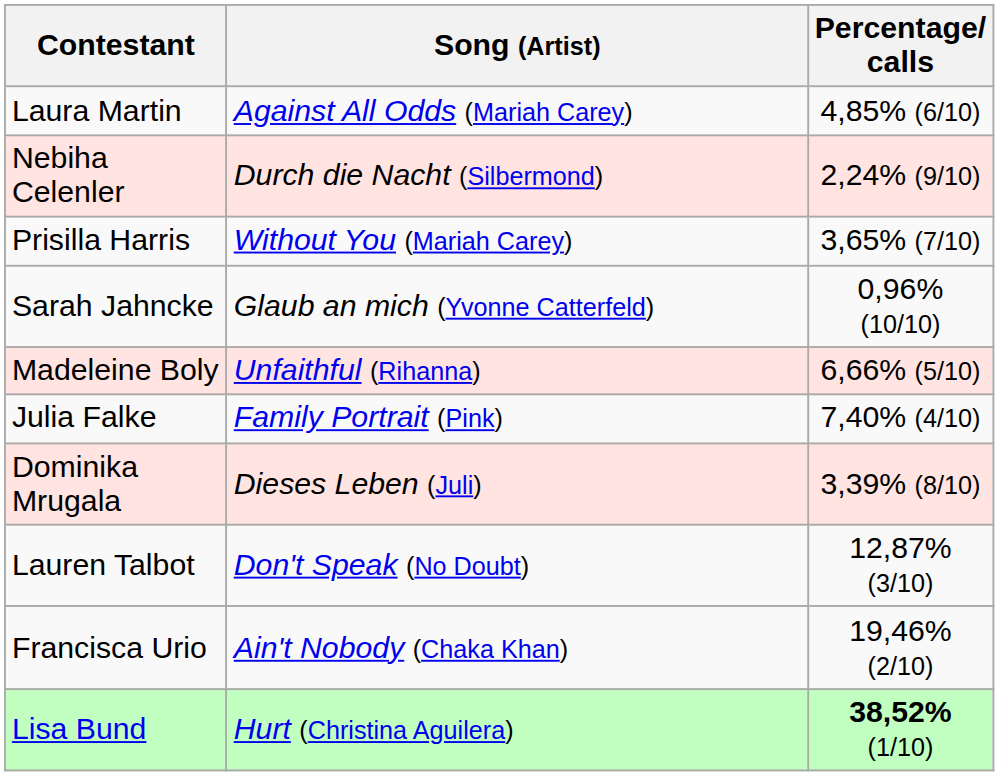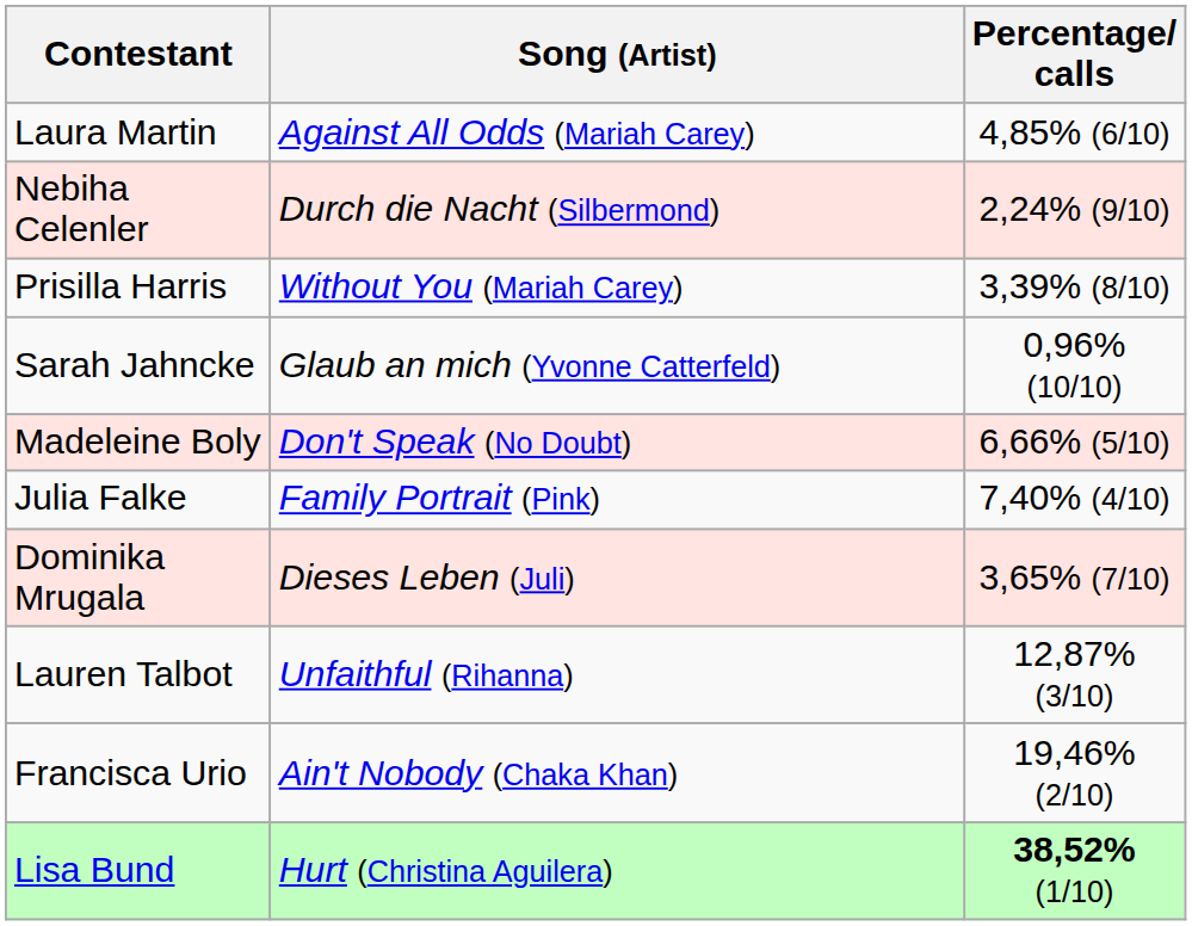 <table class="wikitable">
 <tr>
 <th width="110">Contestant</th>
 <th width="300">Song <small>(Artist)</small></th>
 <th width="28">Percentage/<br>calls</th>
 </tr>
 <tr>
 <td align="left">Laura Martin</td>
 <td align="left"><em><a href='#'>Against All Odds</a></em> <small>(<a href='#'>Mariah Carey</a>)</small></td>
 <td align="center">4,85% <small>(6/10)</small></td>
 </tr>
 <tr bgcolor="#FFE4E1">
 <td align="left">Nebiha Celenler</td>
 <td align="left"><em>Durch die Nacht </em> <small>(<a href='#'>Silbermond</a>)</small></td>
 <td align="center">2,24% <small>(9/10)</small></td>
 </tr>
 <tr>
 <td align="left">Prisilla Harris</td>
 <td align="left"><em><a href='#'>Without You</a></em> <small>(<a href='#'>Mariah Carey</a>)</small></td>
-<td align="center">3,65% <small>(7/10)</small></td>
+<td align="center">3,39% <small>(8/10)</small></td>
 </tr>
 <tr>
 <td align="left">Sarah Jahncke</td>
 <td align="left"><em>Glaub an mich</em> <small>(<a href='#'>Yvonne Catterfeld</a>)</small></td>
 <td align="center">0,96% <small>(10/10)</small></td>
 </tr>
 <tr bgcolor="#FFE4E1">
 <td align="left">Madeleine Boly</td>
-<td align="left"><em><a href='#'>Unfaithful</a></em> <small>(<a href='#'>Rihanna</a>)</small></td>
+<td align="left"><em><a href='#'>Don't Speak</a></em> <small>(<a href='#'>No Doubt</a>)</small></td>
 <td align="center">6,66% <small>(5/10)</small></td>
 </tr>
 <tr>
 <td align="left">Julia Falke</td>
 <td align="left"><em><a href='#'>Family Portrait</a></em> <small>(<a href='#'>Pink</a>)</small></td>
 <td align="center">7,40% <small>(4/10)</small></td>
 </tr>
 <tr bgcolor="#FFE4E1">
 <td align="left">Dominika Mrugala</td>
 <td align="left"><em>Dieses Leben </em> <small>(<a href='#'>Juli</a>)</small></td>
-<td align="center">3,39% <small>(8/10)</small></td>
+<td align="center">3,65% <small>(7/10)</small></td>
 </tr>
 <tr>
 <td align="left">Lauren Talbot</td>
-<td align="left"><em><a href='#'>Don't Speak</a></em> <small>(<a href='#'>No Doubt</a>)</small></td>
+<td align="left"><em><a href='#'>Unfaithful</a></em> <small>(<a href='#'>Rihanna</a>)</small></td>
 <td align="center">12,87% <small>(3/10)</small></td>
 </tr>
 <tr>
 <td align="left">Francisca Urio</td>
 <td align="left"><em><a href='#'>Ain't Nobody</a></em> <small>(<a href='#'>Chaka Khan</a>)</small></td>
 <td align="center">19,46% <small>(2/10)</small></td>
 </tr>
 <tr bgcolor="#C1FFC1">
 <td align="left"><a href='#'>Lisa Bund</a></td>
 <td align="left"><em><a href='#'>Hurt</a></em> <small>(<a href='#'>Christina Aguilera</a>)</small></td>
 <td align="center"><strong>38,52%</strong> <small> (1/10)</small></td>
 </tr>
 </table>
